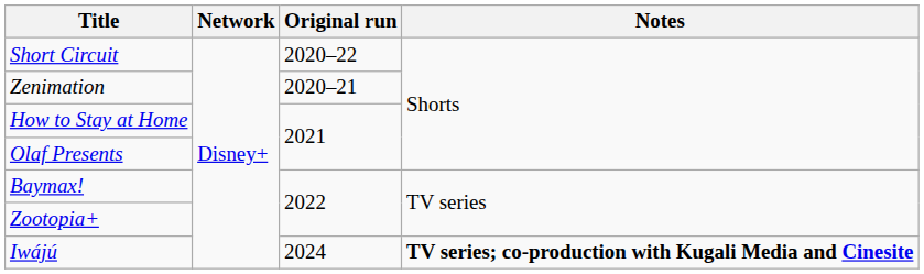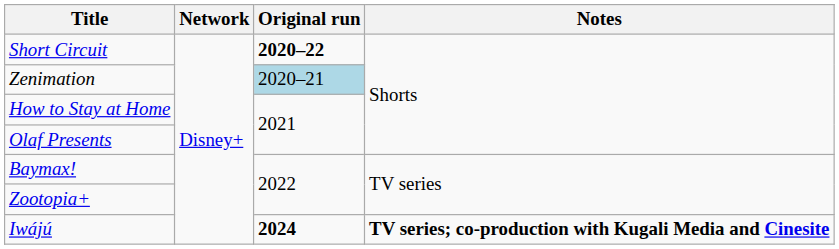 <table class="wikitable sortable">
 <tr>
 <th>Title</th>
 <th>Network</th>
 <th>Original run</th>
 <th>Notes</th>
 </tr>
 <tr>
 <td><em><a href='#'>Short Circuit</a></em></td>
 <td rowspan="7"><a href='#'>Disney+</a></td>
-<td>2020–22</td>
+<td><strong>2020–22</strong></td>
 <td rowspan="4">Shorts</td>
 </tr>
 <tr>
 <td><em>Zenimation</em></td>
-<td>2020–21</td>
+<td style="background: lightblue;">2020–21</td>
 </tr>
 <tr>
 <td><em><a href='#'>How to Stay at Home</a></em></td>
 <td rowspan="2">2021</td>
 </tr>
 <tr>
 <td><em><a href='#'>Olaf Presents</a></em></td>
 </tr>
 <tr>
 <td><em><a href='#'>Baymax!</a></em></td>
 <td rowspan="2">2022</td>
 <td rowspan="2">TV series</td>
 </tr>
 <tr>
 <td><em><a href='#'>Zootopia+</a></em></td>
 </tr>
 <tr>
 <td><em><a href='#'>Iwájú</a></em></td>
-<td>2024</td>
+<td><strong>2024</strong></td>
 <td><strong>TV series; co-production with Kugali Media and <a href='#'>Cinesite</a></strong></td>
 </tr>
 </table>
